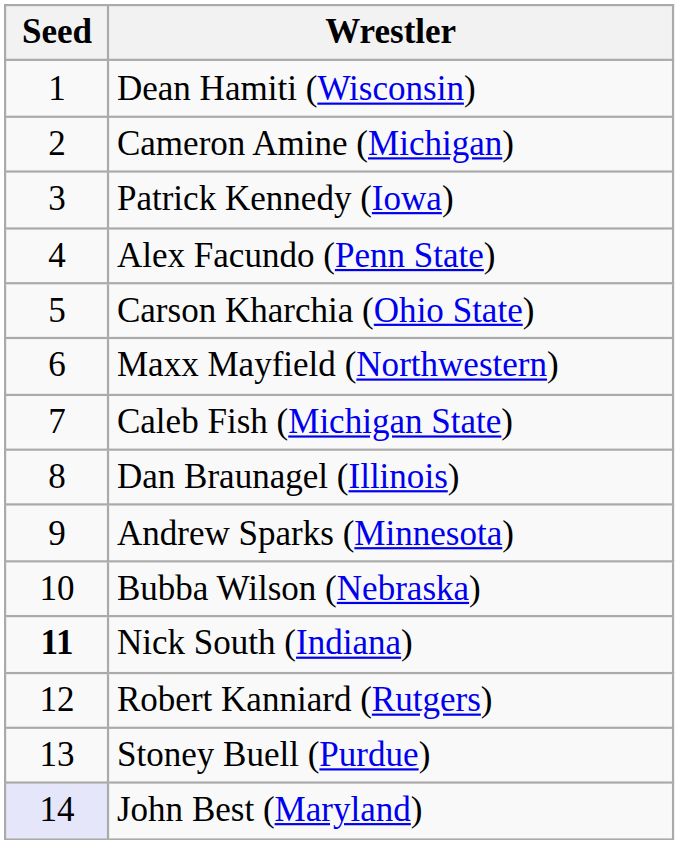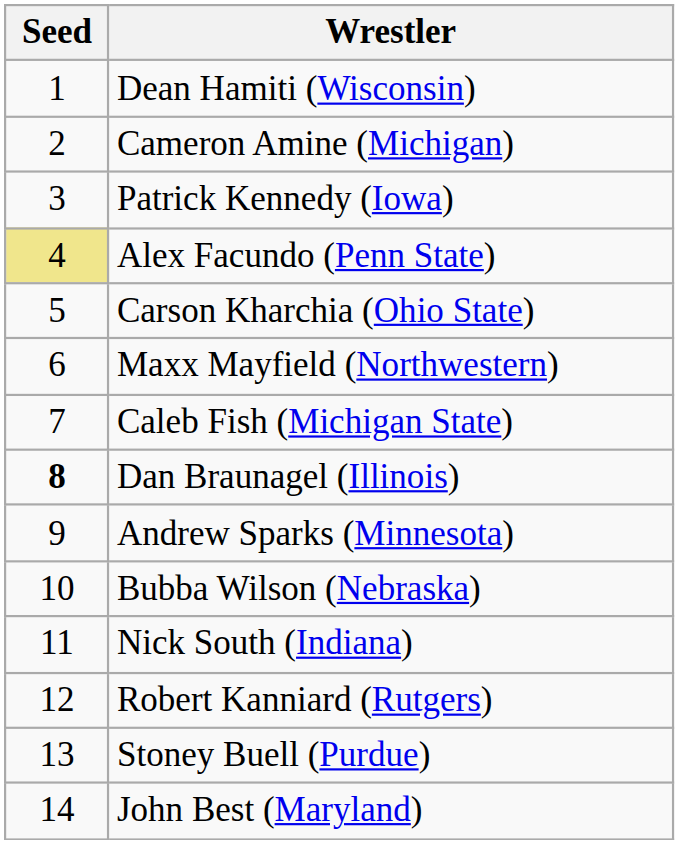 <table class="wikitable" style="text-align: center;">
 <tr>
 <th width="40">Seed</th>
 <th width="250">Wrestler</th>
 </tr>
 <tr>
 <td>1</td>
 <td align="left">Dean Hamiti (<a href='#'>Wisconsin</a>)</td>
 </tr>
 <tr>
 <td>2</td>
 <td align="left">Cameron Amine (<a href='#'>Michigan</a>)</td>
 </tr>
 <tr>
 <td>3</td>
 <td align="left">Patrick Kennedy (<a href='#'>Iowa</a>)</td>
 </tr>
 <tr>
-<td>4</td>
+<td style="background: khaki;">4</td>
 <td align="left">Alex Facundo (<a href='#'>Penn State</a>)</td>
 </tr>
 <tr>
 <td>5</td>
 <td align="left">Carson Kharchia (<a href='#'>Ohio State</a>)</td>
 </tr>
 <tr>
 <td>6</td>
 <td align="left">Maxx Mayfield (<a href='#'>Northwestern</a>)</td>
 </tr>
 <tr>
 <td>7</td>
 <td align="left">Caleb Fish (<a href='#'>Michigan State</a>)</td>
 </tr>
 <tr>
-<td>8</td>
+<td><strong>8</strong></td>
 <td align="left">Dan Braunagel (<a href='#'>Illinois</a>)</td>
 </tr>
 <tr>
 <td>9</td>
 <td align="left">Andrew Sparks (<a href='#'>Minnesota</a>)</td>
 </tr>
 <tr>
 <td>10</td>
 <td align="left">Bubba Wilson (<a href='#'>Nebraska</a>)</td>
 </tr>
 <tr>
-<td><strong>11</strong></td>
+<td>11</td>
 <td align="left">Nick South (<a href='#'>Indiana</a>)</td>
 </tr>
 <tr>
 <td>12</td>
 <td align="left">Robert Kanniard (<a href='#'>Rutgers</a>)</td>
 </tr>
 <tr>
 <td>13</td>
 <td align="left">Stoney Buell (<a href='#'>Purdue</a>)</td>
 </tr>
 <tr>
-<td style="background: lavender;">14</td>
+<td>14</td>
 <td align="left">John Best (<a href='#'>Maryland</a>)</td>
 </tr>
 </table>
